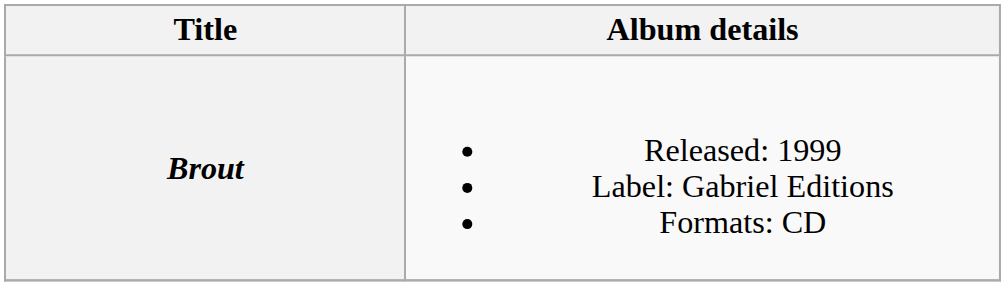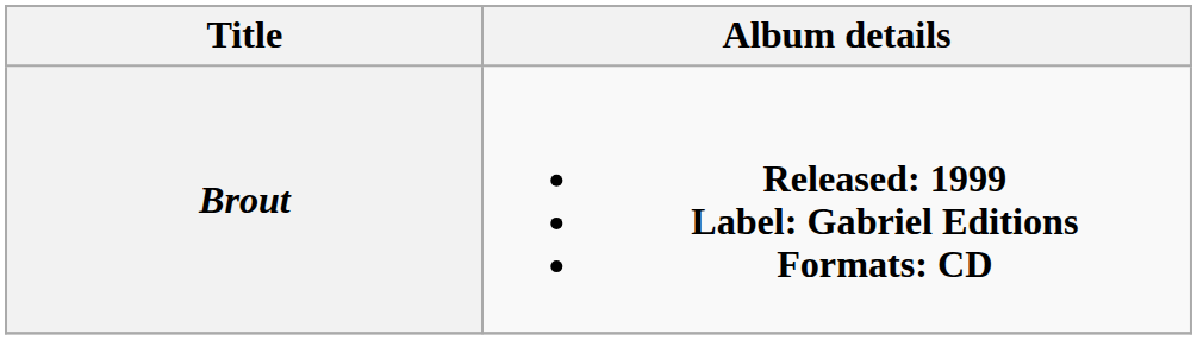 <table class="wikitable plainrowheaders" style="text-align:center;">
 <tr>
 <th scope="col" style="width:12em;">Title</th>
 <th scope="col" style="width:18em;">Album details</th>
 </tr>
 <tr>
 <th scope="row"><em>Brout</em></th>
-<td><br><ul><li>Released: 1999</li><li>Label: Gabriel Editions</li><li>Formats: CD</li></ul></td>
+<td><strong><br><ul><li>Released: 1999</li><li>Label: Gabriel Editions</li><li>Formats: CD</li></ul></strong></td>
 </tr>
 <tr>
 </tr>
 </table>
